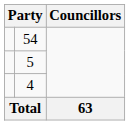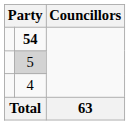 <table class="wikitable">
 <tr>
 <th colspan=2>Party</th>
 <th>Councillors</th>
 </tr>
 <tr>
 <td></td>
-<td align=center>54</td>
+<td align=center><strong>54</strong></td>
 </tr>
 <tr>
 <td></td>
-<td align=center>5</td>
+<td align=center style="background: lightgrey;">5</td>
 </tr>
 <tr>
 <td></td>
 <td align=center>4</td>
 </tr>
 <tr>
 <th colspan=2>Total</th>
 <th>63</th>
 </tr>
 </table>
